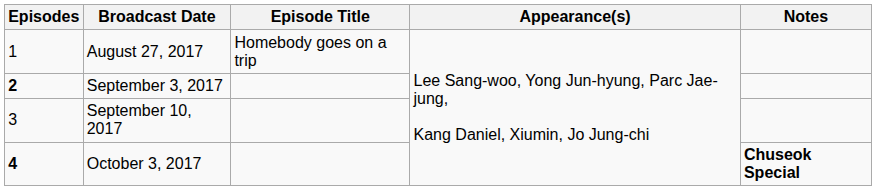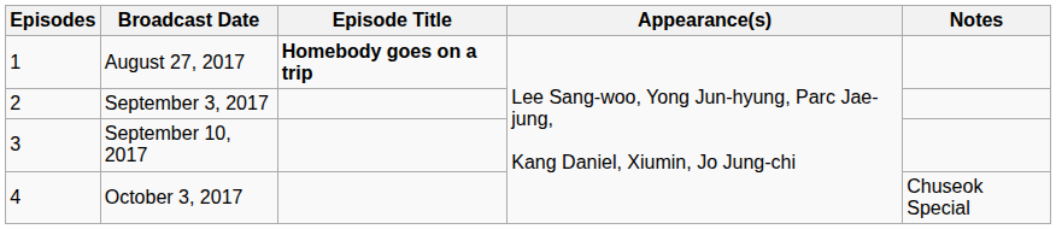 <table class="wikitable">
 <tr>
 <th>Episodes</th>
 <th>Broadcast Date</th>
 <th>Episode Title</th>
 <th>Appearance(s)</th>
 <th>Notes</th>
 </tr>
 <tr>
 <td>1</td>
 <td>August 27, 2017</td>
-<td>Homebody goes on a trip</td>
+<td><strong>Homebody goes on a trip</strong></td>
 <td rowspan="4">Lee Sang-woo, Yong Jun-hyung, Parc Jae-jung,<br><br>Kang Daniel, Xiumin, Jo Jung-chi</td>
 <td></td>
 </tr>
 <tr>
-<td><strong>2</strong></td>
+<td>2</td>
 <td>September 3, 2017</td>
 <td></td>
 <td></td>
 </tr>
 <tr>
 <td>3</td>
 <td>September 10, 2017</td>
 <td></td>
 <td></td>
 </tr>
 <tr>
-<td><strong>4</strong></td>
+<td>4</td>
 <td>October 3, 2017</td>
 <td></td>
-<td><strong>Chuseok Special</strong></td>
+<td>Chuseok Special</td>
 </tr>
 </table>
